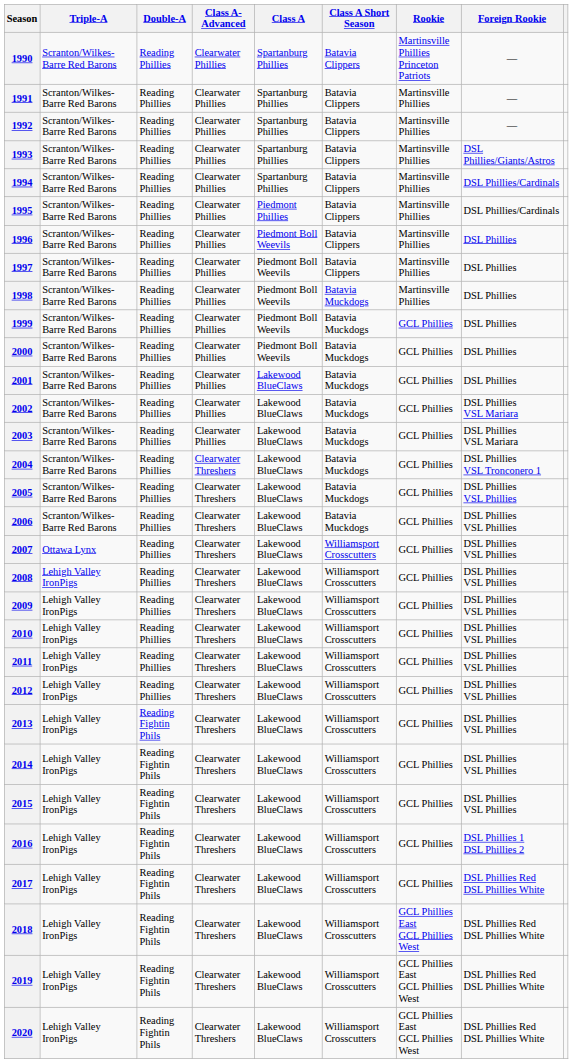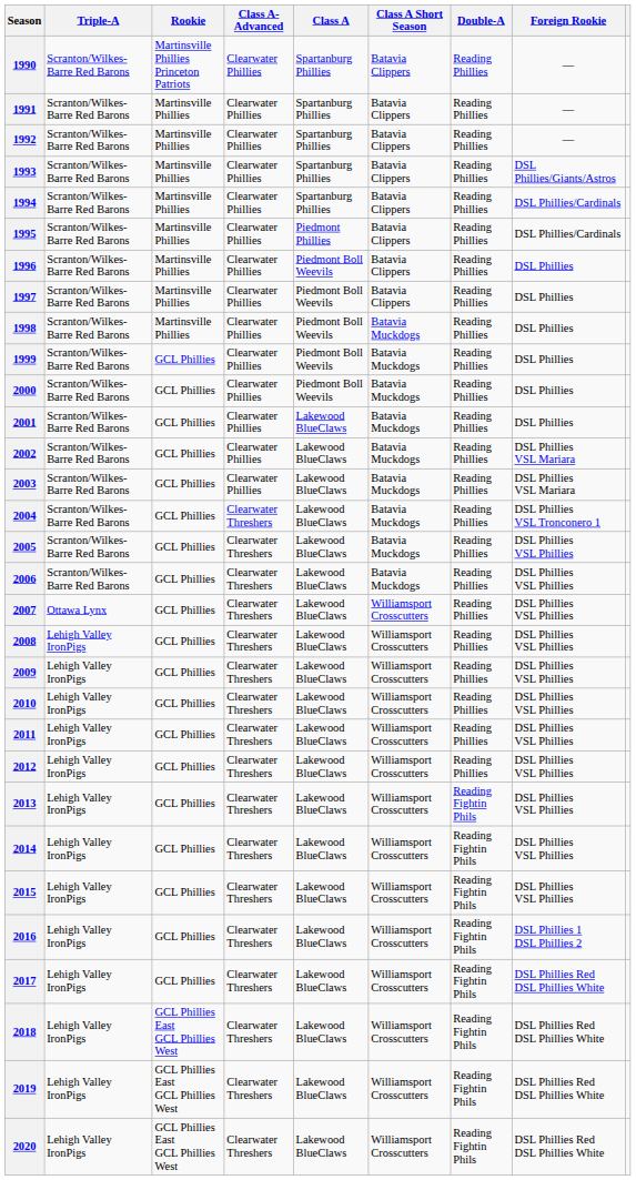 <table class="wikitable plainrowheaders">
 <tr>
 <th scope="col">Season</th>
 <th scope="col"><a href='#'><span>Triple-A</span></a></th>
-<th scope="col"><a href='#'><span>Double-A</span></a></th>
+<th scope="col"><a href='#'><span>Rookie</span></a></th>
 <th scope="col"><a href='#'><span>Class A-Advanced</span></a></th>
 <th scope="col"><a href='#'><span>Class A</span></a></th>
 <th scope="col"><a href='#'><span>Class A Short Season</span></a></th>
-<th scope="col"><a href='#'><span>Rookie</span></a></th>
+<th scope="col"><a href='#'><span>Double-A</span></a></th>
 <th scope="col"><a href='#'><span>Foreign Rookie</span></a></th>
 <th scope="col"></th>
 </tr>
 <tr>
 <th scope="row" style="text-align:center"><a href='#'>1990</a></th>
 <td><a href='#'>Scranton/Wilkes-Barre Red Barons</a></td>
-<td><a href='#'>Reading Phillies</a></td>
+<td><a href='#'>Martinsville Phillies</a><br><a href='#'>Princeton Patriots</a></td>
 <td><a href='#'>Clearwater Phillies</a></td>
 <td><a href='#'>Spartanburg Phillies</a></td>
 <td><a href='#'>Batavia Clippers</a></td>
-<td><a href='#'>Martinsville Phillies</a><br><a href='#'>Princeton Patriots</a></td>
+<td><a href='#'>Reading Phillies</a></td>
 <td align="center">—</td>
 <td align="center"></td>
 </tr>
 <tr>
 <th scope="row" style="text-align:center"><a href='#'>1991</a></th>
 <td>Scranton/Wilkes-Barre Red Barons</td>
-<td>Reading Phillies</td>
+<td>Martinsville Phillies</td>
 <td>Clearwater Phillies</td>
 <td>Spartanburg Phillies</td>
 <td>Batavia Clippers</td>
-<td>Martinsville Phillies</td>
+<td>Reading Phillies</td>
 <td align="center">—</td>
 <td align="center"></td>
 </tr>
 <tr>
 <th scope="row" style="text-align:center"><a href='#'>1992</a></th>
 <td>Scranton/Wilkes-Barre Red Barons</td>
-<td>Reading Phillies</td>
+<td>Martinsville Phillies</td>
 <td>Clearwater Phillies</td>
 <td>Spartanburg Phillies</td>
 <td>Batavia Clippers</td>
-<td>Martinsville Phillies</td>
+<td>Reading Phillies</td>
 <td align="center">—</td>
 <td align="center"></td>
 </tr>
 <tr>
 <th scope="row" style="text-align:center"><a href='#'>1993</a></th>
 <td>Scranton/Wilkes-Barre Red Barons</td>
-<td>Reading Phillies</td>
+<td>Martinsville Phillies</td>
 <td>Clearwater Phillies</td>
 <td>Spartanburg Phillies</td>
 <td>Batavia Clippers</td>
-<td>Martinsville Phillies</td>
+<td>Reading Phillies</td>
 <td><a href='#'>DSL Phillies/Giants/Astros</a></td>
 <td align="center"></td>
 </tr>
 <tr>
 <th scope="row" style="text-align:center"><a href='#'>1994</a></th>
 <td>Scranton/Wilkes-Barre Red Barons</td>
-<td>Reading Phillies</td>
+<td>Martinsville Phillies</td>
 <td>Clearwater Phillies</td>
 <td>Spartanburg Phillies</td>
 <td>Batavia Clippers</td>
-<td>Martinsville Phillies</td>
+<td>Reading Phillies</td>
 <td><a href='#'>DSL Phillies/Cardinals</a></td>
 <td align="center"></td>
 </tr>
 <tr>
 <th scope="row" style="text-align:center"><a href='#'>1995</a></th>
 <td>Scranton/Wilkes-Barre Red Barons</td>
-<td>Reading Phillies</td>
+<td>Martinsville Phillies</td>
 <td>Clearwater Phillies</td>
 <td><a href='#'>Piedmont Phillies</a></td>
 <td>Batavia Clippers</td>
-<td>Martinsville Phillies</td>
+<td>Reading Phillies</td>
 <td>DSL Phillies/Cardinals</td>
 <td align="center"></td>
 </tr>
 <tr>
 <th scope="row" style="text-align:center"><a href='#'>1996</a></th>
 <td>Scranton/Wilkes-Barre Red Barons</td>
-<td>Reading Phillies</td>
+<td>Martinsville Phillies</td>
 <td>Clearwater Phillies</td>
 <td><a href='#'>Piedmont Boll Weevils</a></td>
 <td>Batavia Clippers</td>
-<td>Martinsville Phillies</td>
+<td>Reading Phillies</td>
 <td><a href='#'>DSL Phillies</a></td>
 <td align="center"></td>
 </tr>
 <tr>
 <th scope="row" style="text-align:center"><a href='#'>1997</a></th>
 <td>Scranton/Wilkes-Barre Red Barons</td>
-<td>Reading Phillies</td>
+<td>Martinsville Phillies</td>
 <td>Clearwater Phillies</td>
 <td>Piedmont Boll Weevils</td>
 <td>Batavia Clippers</td>
-<td>Martinsville Phillies</td>
+<td>Reading Phillies</td>
 <td>DSL Phillies</td>
 <td align="center"></td>
 </tr>
 <tr>
 <th scope="row" style="text-align:center"><a href='#'>1998</a></th>
 <td>Scranton/Wilkes-Barre Red Barons</td>
-<td>Reading Phillies</td>
+<td>Martinsville Phillies</td>
 <td>Clearwater Phillies</td>
 <td>Piedmont Boll Weevils</td>
 <td><a href='#'>Batavia Muckdogs</a></td>
-<td>Martinsville Phillies</td>
+<td>Reading Phillies</td>
 <td>DSL Phillies</td>
 <td align="center"></td>
 </tr>
 <tr>
 <th scope="row" style="text-align:center"><a href='#'>1999</a></th>
 <td>Scranton/Wilkes-Barre Red Barons</td>
-<td>Reading Phillies</td>
+<td><a href='#'>GCL Phillies</a></td>
 <td>Clearwater Phillies</td>
 <td>Piedmont Boll Weevils</td>
 <td>Batavia Muckdogs</td>
-<td><a href='#'>GCL Phillies</a></td>
+<td>Reading Phillies</td>
 <td>DSL Phillies</td>
 <td align="center"></td>
 </tr>
 <tr>
 <th scope="row" style="text-align:center"><a href='#'>2000</a></th>
 <td>Scranton/Wilkes-Barre Red Barons</td>
-<td>Reading Phillies</td>
+<td>GCL Phillies</td>
 <td>Clearwater Phillies</td>
 <td>Piedmont Boll Weevils</td>
 <td>Batavia Muckdogs</td>
-<td>GCL Phillies</td>
+<td>Reading Phillies</td>
 <td>DSL Phillies</td>
 <td align="center"></td>
 </tr>
 <tr>
 <th scope="row" style="text-align:center"><a href='#'>2001</a></th>
 <td>Scranton/Wilkes-Barre Red Barons</td>
-<td>Reading Phillies</td>
+<td>GCL Phillies</td>
 <td>Clearwater Phillies</td>
 <td><a href='#'>Lakewood BlueClaws</a></td>
 <td>Batavia Muckdogs</td>
-<td>GCL Phillies</td>
+<td>Reading Phillies</td>
 <td>DSL Phillies</td>
 <td align="center"></td>
 </tr>
 <tr>
 <th scope="row" style="text-align:center"><a href='#'>2002</a></th>
 <td>Scranton/Wilkes-Barre Red Barons</td>
-<td>Reading Phillies</td>
+<td>GCL Phillies</td>
 <td>Clearwater Phillies</td>
 <td>Lakewood BlueClaws</td>
 <td>Batavia Muckdogs</td>
-<td>GCL Phillies</td>
+<td>Reading Phillies</td>
 <td>DSL Phillies<br><a href='#'>VSL Mariara</a></td>
 <td align="center"></td>
 </tr>
 <tr>
 <th scope="row" style="text-align:center"><a href='#'>2003</a></th>
 <td>Scranton/Wilkes-Barre Red Barons</td>
-<td>Reading Phillies</td>
+<td>GCL Phillies</td>
 <td>Clearwater Phillies</td>
 <td>Lakewood BlueClaws</td>
 <td>Batavia Muckdogs</td>
-<td>GCL Phillies</td>
+<td>Reading Phillies</td>
 <td>DSL Phillies<br>VSL Mariara</td>
 <td align="center"></td>
 </tr>
 <tr>
 <th scope="row" style="text-align:center"><a href='#'>2004</a></th>
 <td>Scranton/Wilkes-Barre Red Barons</td>
-<td>Reading Phillies</td>
+<td>GCL Phillies</td>
 <td><a href='#'>Clearwater Threshers</a></td>
 <td>Lakewood BlueClaws</td>
 <td>Batavia Muckdogs</td>
-<td>GCL Phillies</td>
+<td>Reading Phillies</td>
 <td>DSL Phillies<br><a href='#'>VSL Tronconero 1</a></td>
 <td align="center"></td>
 </tr>
 <tr>
 <th scope="row" style="text-align:center"><a href='#'>2005</a></th>
 <td>Scranton/Wilkes-Barre Red Barons</td>
-<td>Reading Phillies</td>
+<td>GCL Phillies</td>
 <td>Clearwater Threshers</td>
 <td>Lakewood BlueClaws</td>
 <td>Batavia Muckdogs</td>
-<td>GCL Phillies</td>
+<td>Reading Phillies</td>
 <td>DSL Phillies<br><a href='#'>VSL Phillies</a></td>
 <td align="center"></td>
 </tr>
 <tr>
 <th scope="row" style="text-align:center"><a href='#'>2006</a></th>
 <td>Scranton/Wilkes-Barre Red Barons</td>
-<td>Reading Phillies</td>
+<td>GCL Phillies</td>
 <td>Clearwater Threshers</td>
 <td>Lakewood BlueClaws</td>
 <td>Batavia Muckdogs</td>
-<td>GCL Phillies</td>
+<td>Reading Phillies</td>
 <td>DSL Phillies<br>VSL Phillies</td>
 <td align="center"></td>
 </tr>
 <tr>
 <th scope="row" style="text-align:center"><a href='#'>2007</a></th>
 <td><a href='#'>Ottawa Lynx</a></td>
-<td>Reading Phillies</td>
+<td>GCL Phillies</td>
 <td>Clearwater Threshers</td>
 <td>Lakewood BlueClaws</td>
 <td><a href='#'>Williamsport Crosscutters</a></td>
-<td>GCL Phillies</td>
+<td>Reading Phillies</td>
 <td>DSL Phillies<br> VSL Phillies</td>
 <td align="center"></td>
 </tr>
 <tr>
 <th scope="row" style="text-align:center"><a href='#'>2008</a></th>
 <td><a href='#'>Lehigh Valley IronPigs</a></td>
-<td>Reading Phillies</td>
+<td>GCL Phillies</td>
 <td>Clearwater Threshers</td>
 <td>Lakewood BlueClaws</td>
 <td>Williamsport Crosscutters</td>
-<td>GCL Phillies</td>
+<td>Reading Phillies</td>
 <td>DSL Phillies<br> VSL Phillies</td>
 <td align="center"></td>
 </tr>
 <tr>
 <th scope="row" style="text-align:center"><a href='#'>2009</a></th>
 <td>Lehigh Valley IronPigs</td>
-<td>Reading Phillies</td>
+<td>GCL Phillies</td>
 <td>Clearwater Threshers</td>
 <td>Lakewood BlueClaws</td>
 <td>Williamsport Crosscutters</td>
-<td>GCL Phillies</td>
+<td>Reading Phillies</td>
 <td>DSL Phillies<br>VSL Phillies</td>
 <td align="center"></td>
 </tr>
 <tr>
 <th scope="row" style="text-align:center"><a href='#'>2010</a></th>
 <td>Lehigh Valley IronPigs</td>
-<td>Reading Phillies</td>
+<td>GCL Phillies</td>
 <td>Clearwater Threshers</td>
 <td>Lakewood BlueClaws</td>
 <td>Williamsport Crosscutters</td>
-<td>GCL Phillies</td>
+<td>Reading Phillies</td>
 <td>DSL Phillies<br>VSL Phillies</td>
 <td align="center"></td>
 </tr>
 <tr>
 <th scope="row" style="text-align:center"><a href='#'>2011</a></th>
 <td>Lehigh Valley IronPigs</td>
-<td>Reading Phillies</td>
+<td>GCL Phillies</td>
 <td>Clearwater Threshers</td>
 <td>Lakewood BlueClaws</td>
 <td>Williamsport Crosscutters</td>
-<td>GCL Phillies</td>
+<td>Reading Phillies</td>
 <td>DSL Phillies<br>VSL Phillies</td>
 <td align="center"></td>
 </tr>
 <tr>
 <th scope="row" style="text-align:center"><a href='#'>2012</a></th>
 <td>Lehigh Valley IronPigs</td>
-<td>Reading Phillies</td>
+<td>GCL Phillies</td>
 <td>Clearwater Threshers</td>
 <td>Lakewood BlueClaws</td>
 <td>Williamsport Crosscutters</td>
-<td>GCL Phillies</td>
+<td>Reading Phillies</td>
 <td>DSL Phillies<br>VSL Phillies</td>
 <td align="center"></td>
 </tr>
 <tr>
 <th scope="row" style="text-align:center"><a href='#'>2013</a></th>
 <td>Lehigh Valley IronPigs</td>
-<td><a href='#'>Reading Fightin Phils</a></td>
+<td>GCL Phillies</td>
 <td>Clearwater Threshers</td>
 <td>Lakewood BlueClaws</td>
 <td>Williamsport Crosscutters</td>
-<td>GCL Phillies</td>
+<td><a href='#'>Reading Fightin Phils</a></td>
 <td>DSL Phillies<br>VSL Phillies</td>
 <td align="center"></td>
 </tr>
 <tr>
 <th scope="row" style="text-align:center"><a href='#'>2014</a></th>
 <td>Lehigh Valley IronPigs</td>
-<td>Reading Fightin Phils</td>
+<td>GCL Phillies</td>
 <td>Clearwater Threshers</td>
 <td>Lakewood BlueClaws</td>
 <td>Williamsport Crosscutters</td>
-<td>GCL Phillies</td>
+<td>Reading Fightin Phils</td>
 <td>DSL Phillies<br>VSL Phillies</td>
 <td align="center"></td>
 </tr>
 <tr>
 <th scope="row" style="text-align:center"><a href='#'>2015</a></th>
 <td>Lehigh Valley IronPigs</td>
-<td>Reading Fightin Phils</td>
+<td>GCL Phillies</td>
 <td>Clearwater Threshers</td>
 <td>Lakewood BlueClaws</td>
 <td>Williamsport Crosscutters</td>
-<td>GCL Phillies</td>
+<td>Reading Fightin Phils</td>
 <td>DSL Phillies<br>VSL Phillies</td>
 <td align="center"></td>
 </tr>
 <tr>
 <th scope="row" style="text-align:center"><a href='#'>2016</a></th>
 <td>Lehigh Valley IronPigs</td>
-<td>Reading Fightin Phils</td>
+<td>GCL Phillies</td>
 <td>Clearwater Threshers</td>
 <td>Lakewood BlueClaws</td>
 <td>Williamsport Crosscutters</td>
-<td>GCL Phillies</td>
+<td>Reading Fightin Phils</td>
 <td><a href='#'>DSL Phillies 1</a><br><a href='#'>DSL Phillies 2</a></td>
 <td align="center"></td>
 </tr>
 <tr>
 <th scope="row" style="text-align:center"><a href='#'>2017</a></th>
 <td>Lehigh Valley IronPigs</td>
-<td>Reading Fightin Phils</td>
+<td>GCL Phillies</td>
 <td>Clearwater Threshers</td>
 <td>Lakewood BlueClaws</td>
 <td>Williamsport Crosscutters</td>
-<td>GCL Phillies</td>
+<td>Reading Fightin Phils</td>
 <td><a href='#'>DSL Phillies Red</a><br><a href='#'>DSL Phillies White</a></td>
 <td align="center"></td>
 </tr>
 <tr>
 <th scope="row" style="text-align:center"><a href='#'>2018</a></th>
 <td>Lehigh Valley IronPigs</td>
-<td>Reading Fightin Phils</td>
+<td><a href='#'>GCL Phillies East</a><br><a href='#'>GCL Phillies West</a></td>
 <td>Clearwater Threshers</td>
 <td>Lakewood BlueClaws</td>
 <td>Williamsport Crosscutters</td>
-<td><a href='#'>GCL Phillies East</a><br><a href='#'>GCL Phillies West</a></td>
+<td>Reading Fightin Phils</td>
 <td>DSL Phillies Red<br>DSL Phillies White</td>
 <td align="center"></td>
 </tr>
 <tr>
 <th scope="row" style="text-align:center"><a href='#'>2019</a></th>
 <td>Lehigh Valley IronPigs</td>
-<td>Reading Fightin Phils</td>
+<td>GCL Phillies East<br>GCL Phillies West</td>
 <td>Clearwater Threshers</td>
 <td>Lakewood BlueClaws</td>
 <td>Williamsport Crosscutters</td>
-<td>GCL Phillies East<br>GCL Phillies West</td>
+<td>Reading Fightin Phils</td>
 <td>DSL Phillies Red<br>DSL Phillies White</td>
 <td align="center"></td>
 </tr>
 <tr>
 <th scope="row" style="text-align:center"><a href='#'>2020</a></th>
 <td>Lehigh Valley IronPigs</td>
-<td>Reading Fightin Phils</td>
+<td>GCL Phillies East<br>GCL Phillies West</td>
 <td>Clearwater Threshers</td>
 <td>Lakewood BlueClaws</td>
 <td>Williamsport Crosscutters</td>
-<td>GCL Phillies East<br>GCL Phillies West</td>
+<td>Reading Fightin Phils</td>
 <td>DSL Phillies Red<br> DSL Phillies White</td>
 <td align="center"></td>
 </tr>
 </table>
